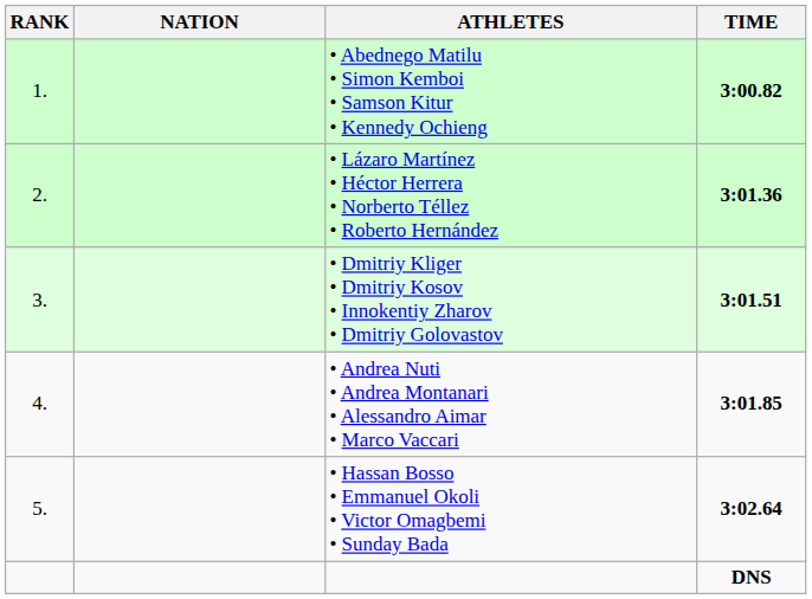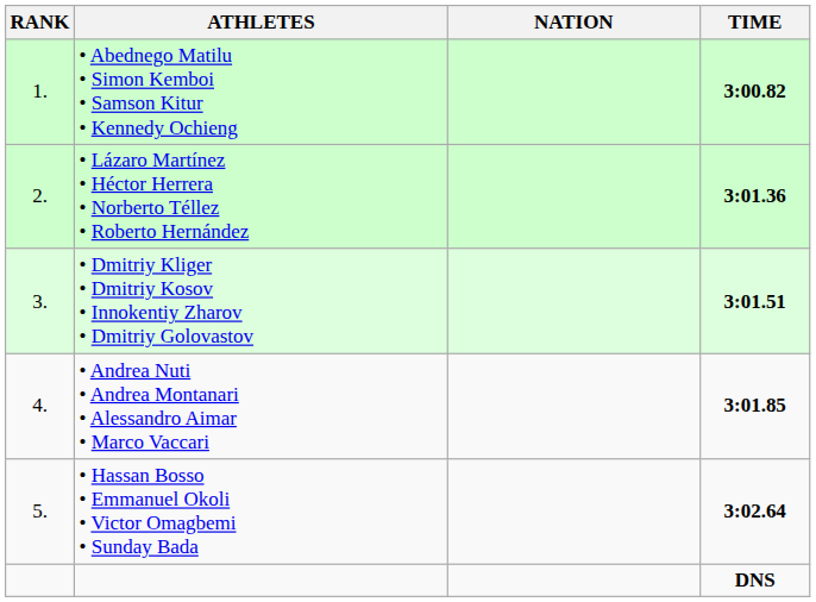 <table class="wikitable" style="border-collapse: collapse; font-size: 90%;">
 <tr>
 <th>RANK</th>
+<th style="width: 18em">ATHLETES</th>
 <th style="width: 12em">NATION</th>
-<th style="width: 18em">ATHLETES</th>
 <th style="width: 5em">TIME</th>
 </tr>
 <tr style="background:#ccffcc;">
 <td align="center">1.</td>
+<td>• <a href='#'>Abednego Matilu</a><br>• <a href='#'>Simon Kemboi</a><br>• <a href='#'>Samson Kitur</a><br>• <a href='#'>Kennedy Ochieng</a></td>
 <td align="center"></td>
-<td>• <a href='#'>Abednego Matilu</a><br>• <a href='#'>Simon Kemboi</a><br>• <a href='#'>Samson Kitur</a><br>• <a href='#'>Kennedy Ochieng</a></td>
 <td align="center"><strong>3:00.82</strong></td>
 </tr>
 <tr style="background:#ccffcc;">
 <td align="center">2.</td>
+<td>• <a href='#'>Lázaro Martínez</a><br>• <a href='#'>Héctor Herrera</a><br>• <a href='#'>Norberto Téllez</a><br>• <a href='#'>Roberto Hernández</a></td>
 <td align="center"></td>
-<td>• <a href='#'>Lázaro Martínez</a><br>• <a href='#'>Héctor Herrera</a><br>• <a href='#'>Norberto Téllez</a><br>• <a href='#'>Roberto Hernández</a></td>
 <td align="center"><strong>3:01.36</strong></td>
 </tr>
 <tr style="background:#ddffdd;">
 <td align="center">3.</td>
+<td>• <a href='#'>Dmitriy Kliger</a><br>• <a href='#'>Dmitriy Kosov</a><br>• <a href='#'>Innokentiy Zharov</a><br>• <a href='#'>Dmitriy Golovastov</a></td>
 <td align="center"></td>
-<td>• <a href='#'>Dmitriy Kliger</a><br>• <a href='#'>Dmitriy Kosov</a><br>• <a href='#'>Innokentiy Zharov</a><br>• <a href='#'>Dmitriy Golovastov</a></td>
 <td align="center"><strong>3:01.51</strong></td>
 </tr>
 <tr>
 <td align="center">4.</td>
+<td>• <a href='#'>Andrea Nuti</a><br>• <a href='#'>Andrea Montanari</a><br>• <a href='#'>Alessandro Aimar</a><br>• <a href='#'>Marco Vaccari</a></td>
 <td align="center"></td>
-<td>• <a href='#'>Andrea Nuti</a><br>• <a href='#'>Andrea Montanari</a><br>• <a href='#'>Alessandro Aimar</a><br>• <a href='#'>Marco Vaccari</a></td>
 <td align="center"><strong>3:01.85</strong></td>
 </tr>
 <tr>
 <td align="center">5.</td>
+<td>• <a href='#'>Hassan Bosso</a><br>• <a href='#'>Emmanuel Okoli</a><br>• <a href='#'>Victor Omagbemi</a><br>• <a href='#'>Sunday Bada</a></td>
 <td align="center"></td>
-<td>• <a href='#'>Hassan Bosso</a><br>• <a href='#'>Emmanuel Okoli</a><br>• <a href='#'>Victor Omagbemi</a><br>• <a href='#'>Sunday Bada</a></td>
 <td align="center"><strong>3:02.64</strong></td>
 </tr>
 <tr>
 <td align="center"></td>
+<td></td>
 <td align="center"></td>
-<td></td>
 <td align="center"><strong>DNS</strong></td>
 </tr>
 </table>
